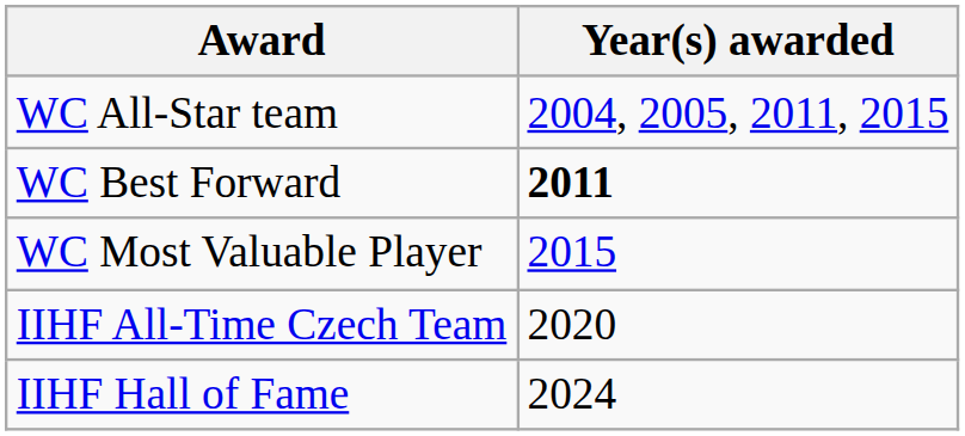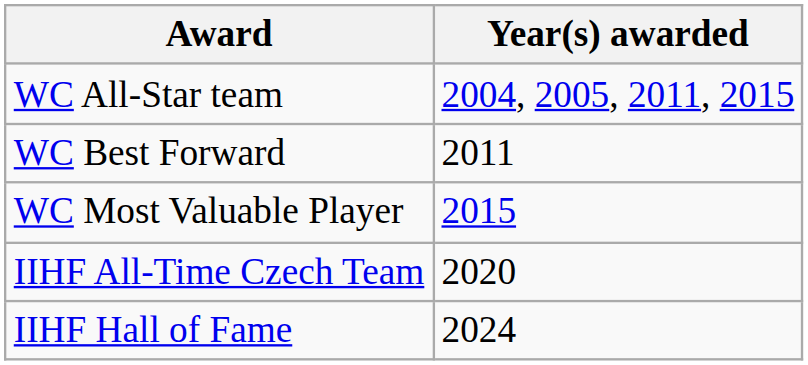 <table class="wikitable">
 <tr>
 <th>Award</th>
 <th>Year(s) awarded</th>
 </tr>
 <tr>
 <td><a href='#'>WC</a> All-Star team</td>
 <td><a href='#'>2004</a>, <a href='#'>2005</a>, <a href='#'>2011</a>, <a href='#'>2015</a></td>
 </tr>
 <tr>
 <td><a href='#'>WC</a> Best Forward</td>
-<td><strong>2011</strong></td>
+<td>2011</td>
 </tr>
 <tr>
 <td><a href='#'>WC</a> Most Valuable Player</td>
 <td><a href='#'>2015</a></td>
 </tr>
 <tr>
 <td><a href='#'>IIHF All-Time Czech Team</a></td>
 <td>2020</td>
 </tr>
 <tr>
 <td><a href='#'>IIHF Hall of Fame</a></td>
 <td>2024</td>
 </tr>
 </table>
